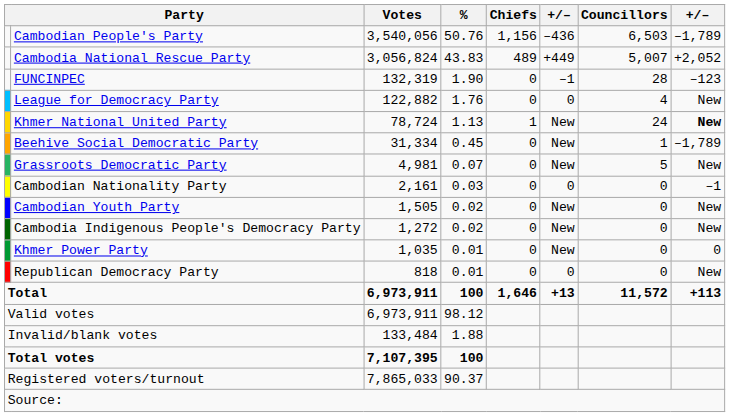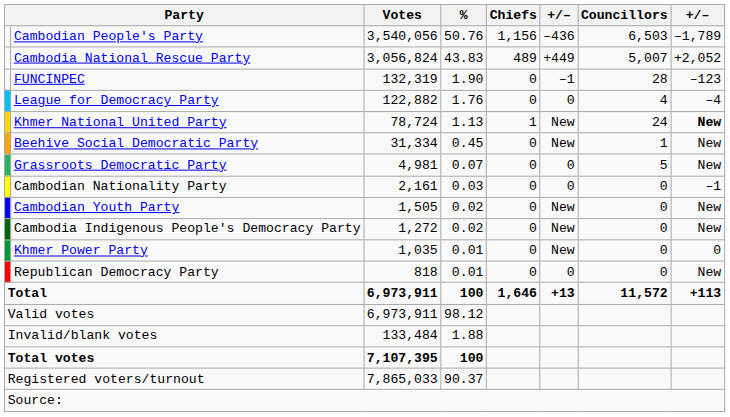 <table class=wikitable style=text-align:right>
 <tr>
 <th colspan=2>Party</th>
 <th>Votes</th>
 <th>%</th>
 <th>Chiefs</th>
 <th>+/–</th>
 <th>Councillors</th>
 <th>+/–</th>
 </tr>
 <tr>
 <td></td>
 <td align=left><a href='#'>Cambodian People's Party</a></td>
 <td>3,540,056</td>
 <td>50.76</td>
 <td>1,156</td>
 <td>–436</td>
 <td>6,503</td>
 <td>–1,789</td>
 </tr>
 <tr>
 <td></td>
 <td align=left><a href='#'>Cambodia National Rescue Party</a></td>
 <td>3,056,824</td>
 <td>43.83</td>
 <td>489</td>
 <td>+449</td>
 <td>5,007</td>
 <td>+2,052</td>
 </tr>
 <tr>
 <td></td>
 <td align=left><a href='#'>FUNCINPEC</a></td>
 <td>132,319</td>
 <td>1.90</td>
 <td>0</td>
 <td>–1</td>
 <td>28</td>
 <td>–123</td>
 </tr>
 <tr>
 <td bgcolor= #00BFFF></td>
 <td align=left><a href='#'>League for Democracy Party</a></td>
 <td>122,882</td>
 <td>1.76</td>
 <td>0</td>
 <td>0</td>
 <td>4</td>
-<td>New</td>
+<td>–4</td>
 </tr>
 <tr>
 <td bgcolor= #FFD700></td>
 <td align=left><a href='#'>Khmer National United Party</a></td>
 <td>78,724</td>
 <td>1.13</td>
 <td>1</td>
 <td>New</td>
 <td>24</td>
 <td><strong>New</strong></td>
 </tr>
 <tr>
 <td bgcolor=orange></td>
 <td align=left><a href='#'>Beehive Social Democratic Party</a></td>
 <td>31,334</td>
 <td>0.45</td>
 <td>0</td>
 <td>New</td>
 <td>1</td>
-<td>–1,789</td>
+<td>New</td>
 </tr>
 <tr>
 <td bgcolor=  #28B463></td>
 <td align=left><a href='#'>Grassroots Democratic Party</a></td>
 <td>4,981</td>
 <td>0.07</td>
 <td>0</td>
-<td>New</td>
+<td>0</td>
 <td>5</td>
 <td>New</td>
 </tr>
 <tr>
 <td bgcolor=yellow></td>
 <td align=left>Cambodian Nationality Party</td>
 <td>2,161</td>
 <td>0.03</td>
 <td>0</td>
 <td>0</td>
 <td>0</td>
 <td>–1</td>
 </tr>
 <tr>
 <td bgcolor=blue></td>
 <td align=left><a href='#'>Cambodian Youth Party</a></td>
 <td>1,505</td>
 <td>0.02</td>
 <td>0</td>
 <td>New</td>
 <td>0</td>
 <td>New</td>
 </tr>
 <tr>
 <td bgcolor= #006400></td>
 <td align=left>Cambodia Indigenous People's Democracy Party</td>
 <td>1,272</td>
 <td>0.02</td>
 <td>0</td>
 <td>New</td>
 <td>0</td>
 <td>New</td>
 </tr>
 <tr>
 <td bgcolor= #009933></td>
 <td align=left><a href='#'>Khmer Power Party</a></td>
 <td>1,035</td>
 <td>0.01</td>
 <td>0</td>
 <td>New</td>
 <td>0</td>
 <td>0</td>
 </tr>
 <tr>
 <td bgcolor=red></td>
 <td align=left>Republican Democracy Party</td>
 <td>818</td>
 <td>0.01</td>
 <td>0</td>
 <td>0</td>
 <td>0</td>
 <td>New</td>
 </tr>
 <tr>
 <td style="text-align:left;" colspan="2"><strong>Total</strong></td>
 <td><strong>6,973,911</strong></td>
 <td><strong>100</strong></td>
 <td><strong>1,646</strong></td>
 <td><strong>+13</strong></td>
 <td><strong>11,572</strong></td>
 <td><strong>+113</strong></td>
 </tr>
 <tr>
 <td style="text-align:left;" colspan="2">Valid votes</td>
 <td>6,973,911</td>
 <td>98.12</td>
 <td></td>
 <td></td>
 <td></td>
 <td></td>
 </tr>
 <tr>
 <td style="text-align:left;" colspan="2">Invalid/blank votes</td>
 <td>133,484</td>
 <td>1.88</td>
 <td></td>
 <td></td>
 <td></td>
 <td></td>
 </tr>
 <tr>
 <td style="text-align:left;" colspan="2"><strong>Total votes</strong></td>
 <td><strong>7,107,395</strong></td>
 <td><strong>100</strong></td>
 <td></td>
 <td></td>
 <td></td>
 <td></td>
 </tr>
 <tr>
 <td style="text-align:left;" colspan="2">Registered voters/turnout</td>
 <td>7,865,033</td>
 <td>90.37</td>
 <td></td>
 <td></td>
 <td></td>
 <td></td>
 </tr>
 <tr>
 <td style="text-align:left;" colspan="8">Source: </td>
 </tr>
 </table>
